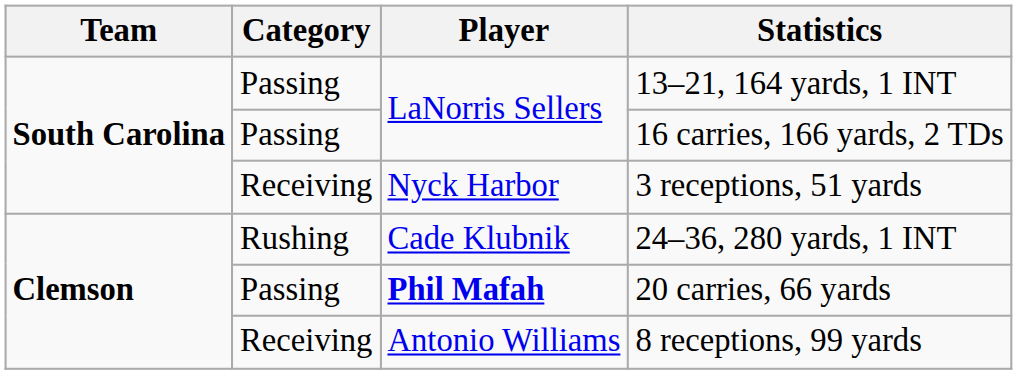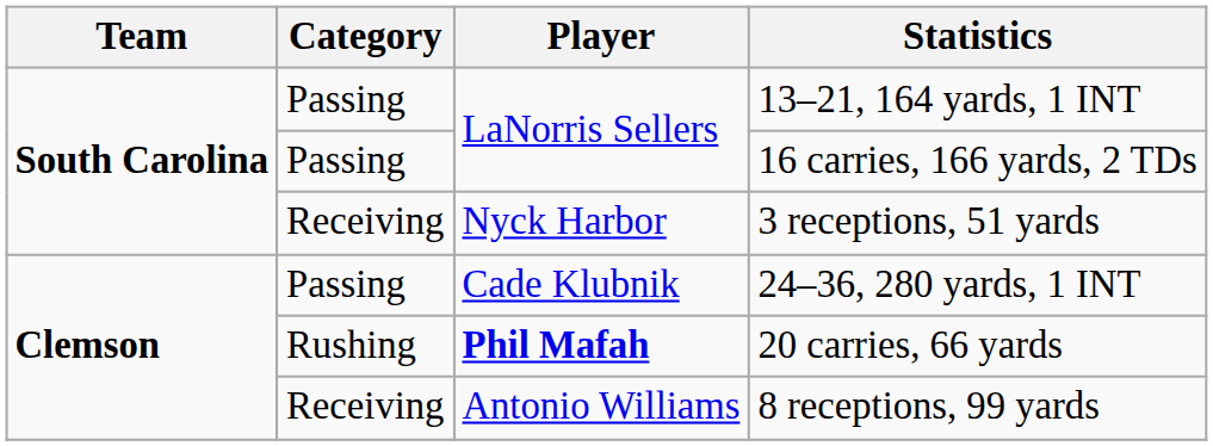 <table class="wikitable" style="float: right;">
 <tr>
 <th>Team</th>
 <th>Category</th>
 <th>Player</th>
 <th>Statistics</th>
 </tr>
 <tr>
 <td rowspan=3><strong>South Carolina</strong></td>
 <td>Passing</td>
 <td rowspan=2><a href='#'>LaNorris Sellers</a></td>
 <td>13–21, 164 yards, 1 INT</td>
 </tr>
 <tr>
 <td>Passing</td>
 <td>16 carries, 166 yards, 2 TDs</td>
 </tr>
 <tr>
 <td>Receiving</td>
 <td><a href='#'>Nyck Harbor</a></td>
 <td>3 receptions, 51 yards</td>
 </tr>
 <tr>
 <td rowspan=3><strong>Clemson</strong></td>
-<td>Rushing</td>
+<td>Passing</td>
 <td><a href='#'>Cade Klubnik</a></td>
 <td>24–36, 280 yards, 1 INT</td>
 </tr>
 <tr>
-<td>Passing</td>
+<td>Rushing</td>
 <td><strong><a href='#'>Phil Mafah</a></strong></td>
 <td>20 carries, 66 yards</td>
 </tr>
 <tr>
 <td>Receiving</td>
 <td><a href='#'>Antonio Williams</a></td>
 <td>8 receptions, 99 yards</td>
 </tr>
 </table>
